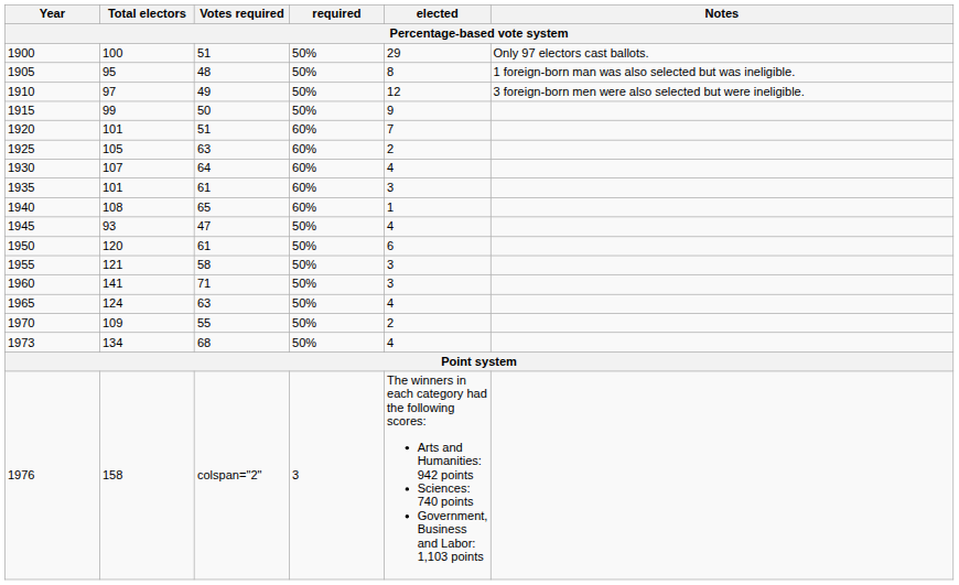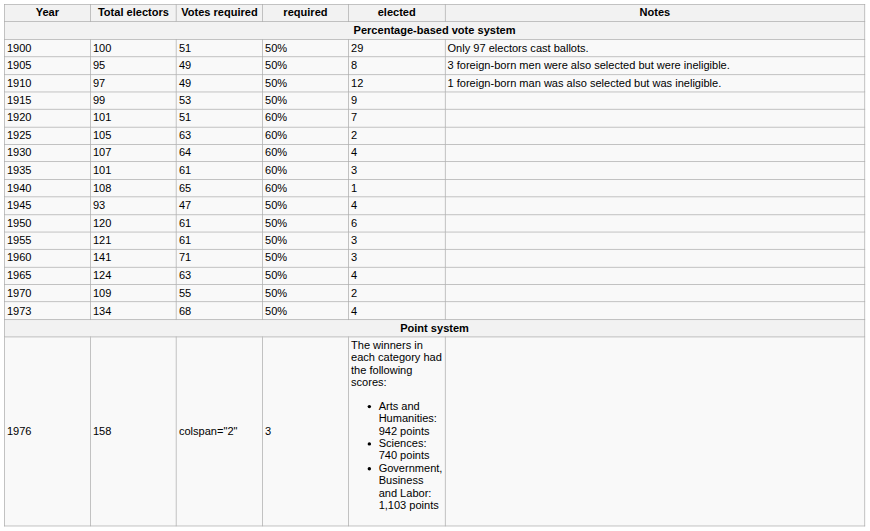 <table class="wikitable">
 <tr>
 <th width=10%>Year</th>
 <th width=10%>Total electors</th>
 <th width=10%>Votes required</th>
 <th width=10%> required</th>
 <th width=10%> elected</th>
 <th>Notes</th>
 </tr>
 <tr>
 <th colspan=6>Percentage-based vote system</th>
 </tr>
 <tr>
 <td>1900</td>
 <td>100</td>
 <td>51</td>
 <td>50%</td>
 <td>29</td>
 <td>Only 97 electors cast ballots.</td>
 </tr>
 <tr>
 <td>1905</td>
 <td>95</td>
-<td>48</td>
+<td>49</td>
 <td>50%</td>
 <td>8</td>
-<td>1 foreign-born man was also selected but was ineligible.</td>
+<td>3 foreign-born men were also selected but were ineligible.</td>
 </tr>
 <tr>
 <td>1910</td>
 <td>97</td>
 <td>49</td>
 <td>50%</td>
 <td>12</td>
-<td>3 foreign-born men were also selected but were ineligible.</td>
+<td>1 foreign-born man was also selected but was ineligible.</td>
 </tr>
 <tr>
 <td>1915</td>
 <td>99</td>
-<td>50</td>
+<td>53</td>
 <td>50%</td>
 <td>9</td>
 <td></td>
 </tr>
 <tr>
 <td>1920</td>
 <td>101</td>
 <td>51</td>
 <td>60%</td>
 <td>7</td>
 <td></td>
 </tr>
 <tr>
 <td>1925</td>
 <td>105</td>
 <td>63</td>
 <td>60%</td>
 <td>2</td>
 <td></td>
 </tr>
 <tr>
 <td>1930</td>
 <td>107</td>
 <td>64</td>
 <td>60%</td>
 <td>4</td>
 <td></td>
 </tr>
 <tr>
 <td>1935</td>
 <td>101</td>
 <td>61</td>
 <td>60%</td>
 <td>3</td>
 <td></td>
 </tr>
 <tr>
 <td>1940</td>
 <td>108</td>
 <td>65</td>
 <td>60%</td>
 <td>1</td>
 <td></td>
 </tr>
 <tr>
 <td>1945</td>
 <td>93</td>
 <td>47</td>
 <td>50%</td>
 <td>4</td>
 <td></td>
 </tr>
 <tr>
 <td>1950</td>
 <td>120</td>
 <td>61</td>
 <td>50%</td>
 <td>6</td>
 <td></td>
 </tr>
 <tr>
 <td>1955</td>
 <td>121</td>
-<td>58</td>
+<td>61</td>
 <td>50%</td>
 <td>3</td>
 <td></td>
 </tr>
 <tr>
 <td>1960</td>
 <td>141</td>
 <td>71</td>
 <td>50%</td>
 <td>3</td>
 <td></td>
 </tr>
 <tr>
 <td>1965</td>
 <td>124</td>
 <td>63</td>
 <td>50%</td>
 <td>4</td>
 <td></td>
 </tr>
 <tr>
 <td>1970</td>
 <td>109</td>
 <td>55</td>
 <td>50%</td>
 <td>2</td>
 <td></td>
 </tr>
 <tr>
 <td>1973</td>
 <td>134</td>
 <td>68</td>
 <td>50%</td>
 <td>4</td>
 <td></td>
 </tr>
 <tr>
 <th colspan=6>Point system</th>
 </tr>
 <tr>
 <td>1976</td>
 <td>158</td>
 <td>colspan="2" </td>
 <td>3</td>
 <td>The winners in each category had the following scores:<br><ul><li>Arts and Humanities: 942 points</li><li>Sciences: 740 points</li><li>Government, Business and Labor: 1,103 points</li></ul></td>
 </tr>
 </table>
